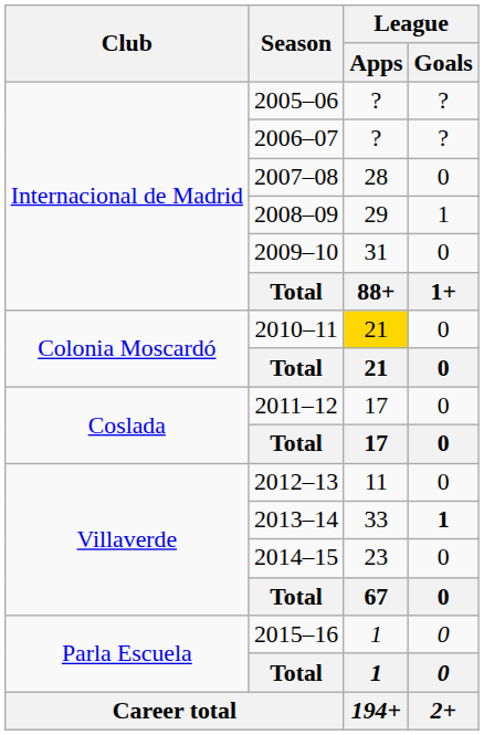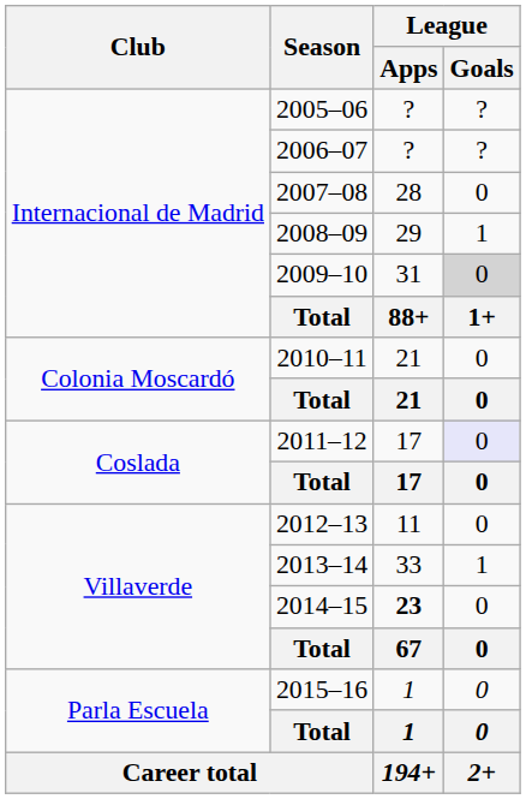 <table class="wikitable" style="text-align: center;">
 <tr>
 <th rowspan="2">Club</th>
 <th rowspan="2">Season</th>
 <th colspan="2">League</th>
 </tr>
 <tr>
 <th>Apps</th>
 <th>Goals</th>
 </tr>
 <tr>
 <td rowspan="6"><a href='#'>Internacional de Madrid</a></td>
 <td>2005–06</td>
 <td>?</td>
 <td>?</td>
 </tr>
 <tr>
 <td>2006–07</td>
 <td>?</td>
 <td>?</td>
 </tr>
 <tr>
 <td>2007–08</td>
 <td>28</td>
 <td>0</td>
 </tr>
 <tr>
 <td>2008–09</td>
 <td>29</td>
 <td>1</td>
 </tr>
 <tr>
 <td>2009–10</td>
 <td>31</td>
-<td>0</td>
+<td style="background: lightgrey;">0</td>
 </tr>
 <tr>
 <th>Total</th>
 <th>88+</th>
 <th>1+</th>
 </tr>
 <tr>
 <td rowspan="2"><a href='#'>Colonia Moscardó</a></td>
 <td>2010–11</td>
-<td style="background: gold;">21</td>
+<td>21</td>
 <td>0</td>
 </tr>
 <tr>
 <th>Total</th>
 <th>21</th>
 <th>0</th>
 </tr>
 <tr>
 <td rowspan="2"><a href='#'>Coslada</a></td>
 <td>2011–12</td>
 <td>17</td>
-<td>0</td>
+<td style="background: lavender;">0</td>
 </tr>
 <tr>
 <th>Total</th>
 <th>17</th>
 <th>0</th>
 </tr>
 <tr>
 <td rowspan="4"><a href='#'>Villaverde</a></td>
 <td>2012–13</td>
 <td>11</td>
 <td>0</td>
 </tr>
 <tr>
 <td>2013–14</td>
 <td>33</td>
-<td><strong>1</strong></td>
+<td>1</td>
 </tr>
 <tr>
 <td>2014–15</td>
-<td>23</td>
+<td><strong>23</strong></td>
 <td>0</td>
 </tr>
 <tr>
 <th>Total</th>
 <th>67</th>
 <th>0</th>
 </tr>
 <tr>
 <td rowspan="2"><a href='#'>Parla Escuela</a></td>
 <td>2015–16</td>
 <td><em>1</em></td>
 <td><em>0</em></td>
 </tr>
 <tr>
 <th>Total</th>
 <th><em>1</em></th>
 <th><em>0</em></th>
 </tr>
 <tr>
 <th colspan="2">Career total</th>
 <th><em>194+</em></th>
 <th><em>2+</em></th>
 </tr>
 </table>
